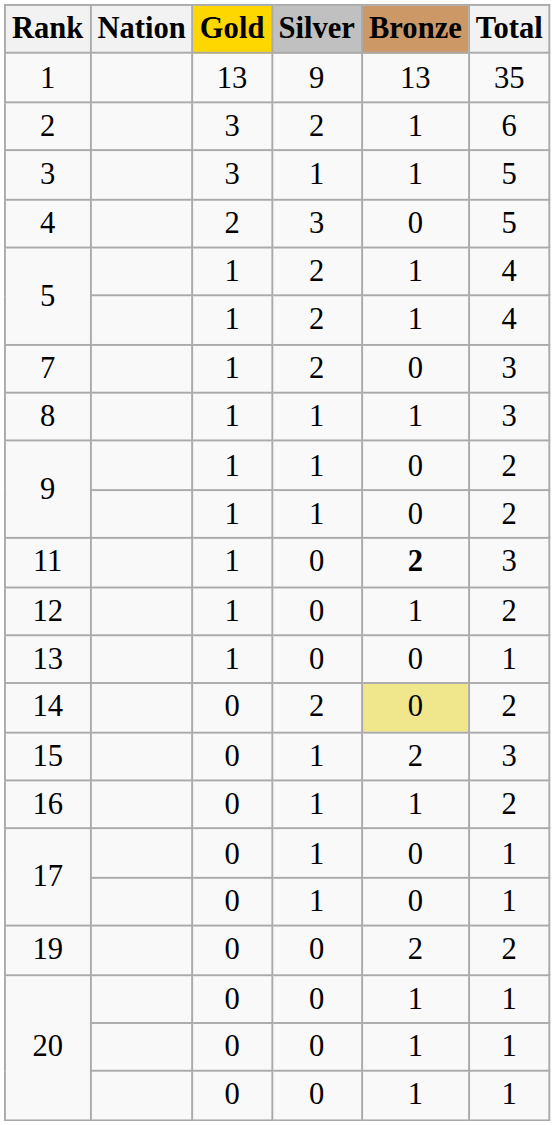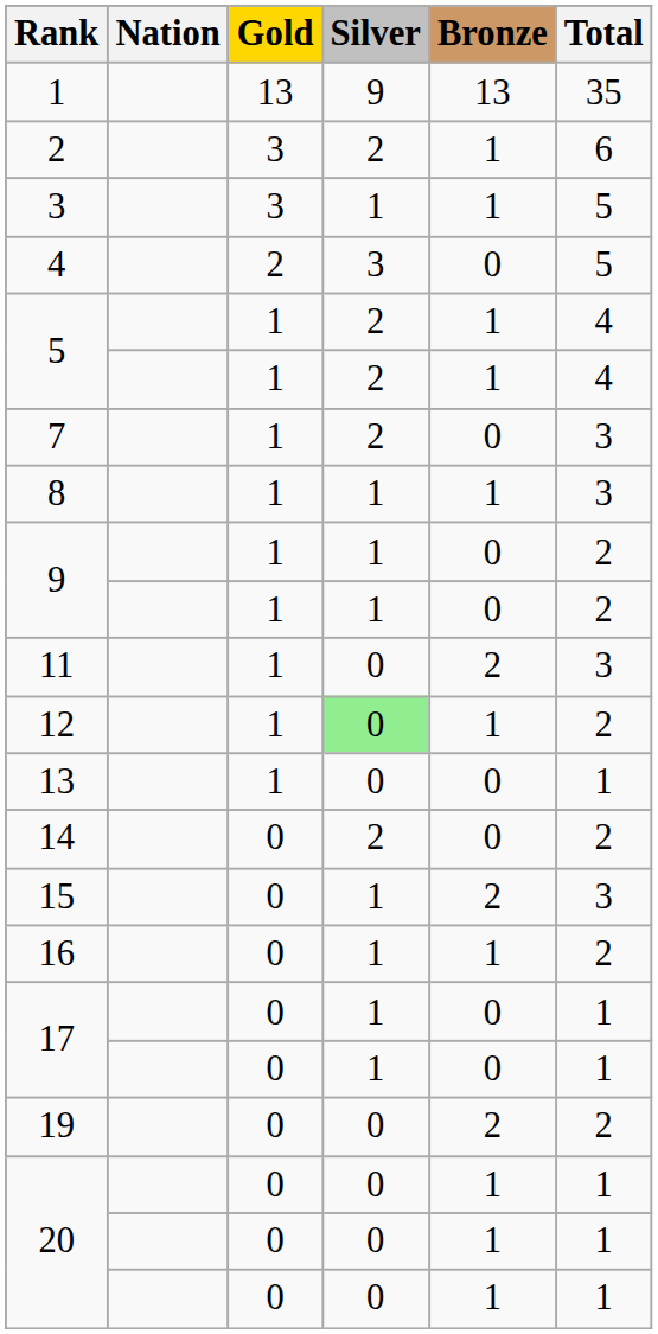 <table class="wikitable sortable" style="text-align:center">
 <tr>
 <th>Rank</th>
 <th>Nation</th>
 <th style="background-color:gold">Gold</th>
 <th style="background-color:silver">Silver</th>
 <th style="background-color:#cc9966">Bronze</th>
 <th>Total</th>
 </tr>
 <tr>
 <td>1</td>
 <td align=left></td>
 <td>13</td>
 <td>9</td>
 <td>13</td>
 <td>35</td>
 </tr>
 <tr>
 <td>2</td>
 <td align=left></td>
 <td>3</td>
 <td>2</td>
 <td>1</td>
 <td>6</td>
 </tr>
 <tr>
 <td>3</td>
 <td align=left></td>
 <td>3</td>
 <td>1</td>
 <td>1</td>
 <td>5</td>
 </tr>
 <tr>
 <td>4</td>
 <td align=left></td>
 <td>2</td>
 <td>3</td>
 <td>0</td>
 <td>5</td>
 </tr>
 <tr>
 <td rowspan=2>5</td>
 <td align=left></td>
 <td>1</td>
 <td>2</td>
 <td>1</td>
 <td>4</td>
 </tr>
 <tr>
 <td align=left></td>
 <td>1</td>
 <td>2</td>
 <td>1</td>
 <td>4</td>
 </tr>
 <tr>
 <td>7</td>
 <td align=left></td>
 <td>1</td>
 <td>2</td>
 <td>0</td>
 <td>3</td>
 </tr>
 <tr>
 <td>8</td>
 <td align=left></td>
 <td>1</td>
 <td>1</td>
 <td>1</td>
 <td>3</td>
 </tr>
 <tr>
 <td rowspan=2>9</td>
 <td align=left></td>
 <td>1</td>
 <td>1</td>
 <td>0</td>
 <td>2</td>
 </tr>
 <tr>
 <td align=left></td>
 <td>1</td>
 <td>1</td>
 <td>0</td>
 <td>2</td>
 </tr>
 <tr>
 <td>11</td>
 <td align=left></td>
 <td>1</td>
 <td>0</td>
-<td><strong>2</strong></td>
+<td>2</td>
 <td>3</td>
 </tr>
 <tr>
 <td>12</td>
 <td align=left></td>
 <td>1</td>
-<td>0</td>
+<td style="background: lightgreen;">0</td>
 <td>1</td>
 <td>2</td>
 </tr>
 <tr>
 <td>13</td>
 <td align=left></td>
 <td>1</td>
 <td>0</td>
 <td>0</td>
 <td>1</td>
 </tr>
 <tr>
 <td>14</td>
 <td align=left></td>
 <td>0</td>
 <td>2</td>
-<td style="background: khaki;">0</td>
+<td>0</td>
 <td>2</td>
 </tr>
 <tr>
 <td>15</td>
 <td align=left></td>
 <td>0</td>
 <td>1</td>
 <td>2</td>
 <td>3</td>
 </tr>
 <tr>
 <td>16</td>
 <td align=left></td>
 <td>0</td>
 <td>1</td>
 <td>1</td>
 <td>2</td>
 </tr>
 <tr>
 <td rowspan=2>17</td>
 <td align=left></td>
 <td>0</td>
 <td>1</td>
 <td>0</td>
 <td>1</td>
 </tr>
 <tr>
 <td align=left></td>
 <td>0</td>
 <td>1</td>
 <td>0</td>
 <td>1</td>
 </tr>
 <tr>
 <td>19</td>
 <td align=left></td>
 <td>0</td>
 <td>0</td>
 <td>2</td>
 <td>2</td>
 </tr>
 <tr>
 <td rowspan=3>20</td>
 <td align=left></td>
 <td>0</td>
 <td>0</td>
 <td>1</td>
 <td>1</td>
 </tr>
 <tr>
 <td align=left></td>
 <td>0</td>
 <td>0</td>
 <td>1</td>
 <td>1</td>
 </tr>
 <tr>
 <td align=left></td>
 <td>0</td>
 <td>0</td>
 <td>1</td>
 <td>1</td>
 </tr>
 </table>
